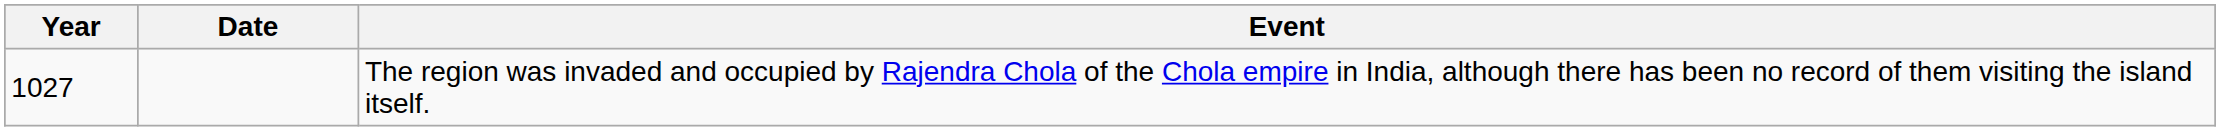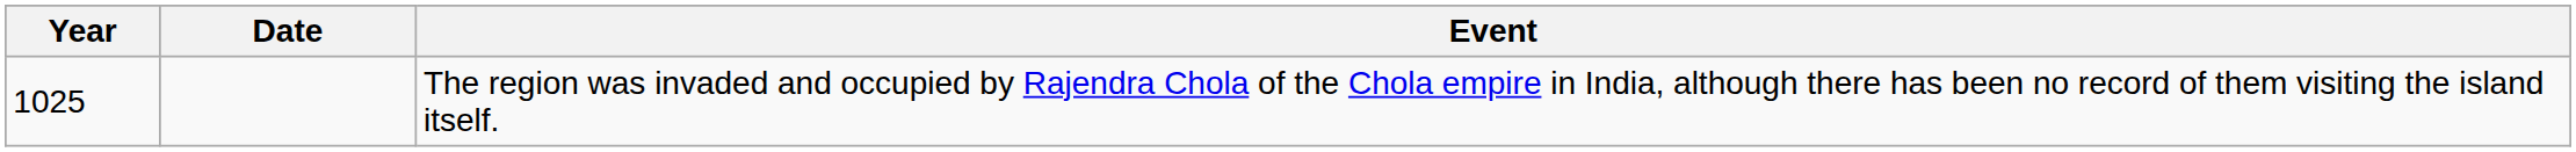 <table class=wikitable style=width:100%>
 <tr>
 <th style=width:6%>Year</th>
 <th style=width:10%>Date</th>
 <th>Event</th>
 </tr>
 <tr>
-<td>1027</td>
+<td>1025</td>
 <td></td>
 <td>The region was invaded and occupied by <a href='#'>Rajendra Chola</a> of the <a href='#'>Chola empire</a> in India, although there has been no record of them visiting the island itself.</td>
 </tr>
 </table>
